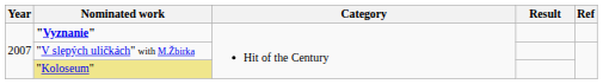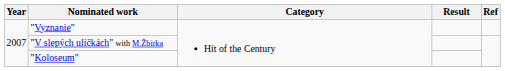 <table class="wikitable">
 <tr>
 <th style="width:10px;">Year</th>
 <th style="width:237px;">Nominated work</th>
 <th style="width:410px;">Category</th>
 <th style="width:73px;">Result</th>
 <th>Ref</th>
 </tr>
 <tr>
 <td rowspan=3>2007</td>
-<td><strong>"<a href='#'>Vyznanie</a>"</strong></td>
+<td>"<a href='#'>Vyznanie</a>"</td>
 <td rowspan=3><br><ul><li>Hit of the Century</li></ul></td>
 <td></td>
 <td align=center></td>
 </tr>
 <tr>
 <td>"<a href='#'>V slepých uličkách</a>" <small>with <a href='#'>M.Žbirka</a></small></td>
 <td></td>
 <td rowspan="2" style="text-align:center;"></td>
 </tr>
 <tr>
-<td style="background: khaki;">"<a href='#'>Koloseum</a>"</td>
+<td>"<a href='#'>Koloseum</a>"</td>
 <td></td>
 </tr>
 </table>
